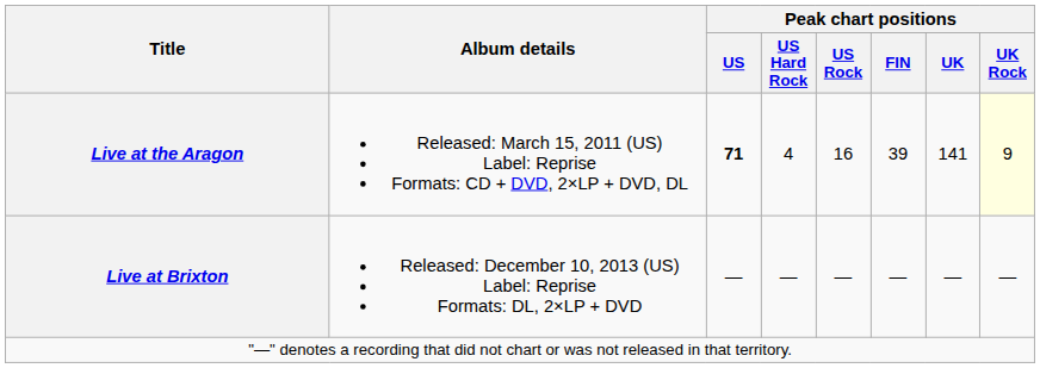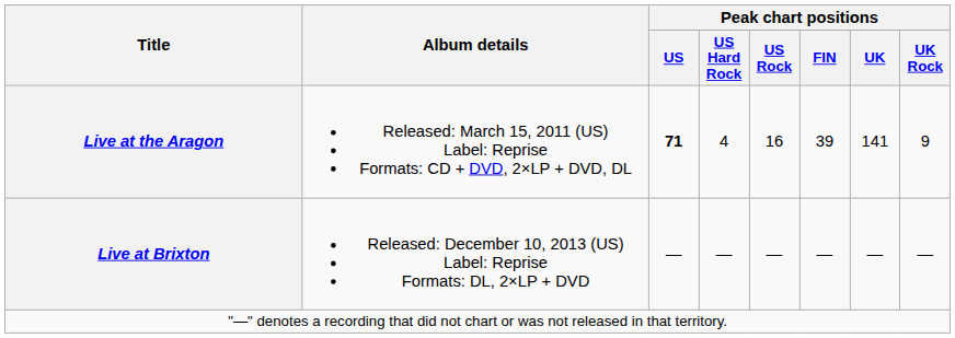 <table class="wikitable plainrowheaders" style="text-align:center;">
 <tr>
 <th scope="col" rowspan="2" style="width:18em;">Title</th>
 <th scope="col" rowspan="2" style="width:21em;">Album details</th>
 <th scope="col" colspan="6">Peak chart positions</th>
 </tr>
 <tr>
 <th scope="col" style="width:3em;font-size:90%;"><a href='#'>US</a><br></th>
 <th scope="col" style="width:3em;font-size:90%;"><a href='#'>US<br>Hard Rock</a><br></th>
 <th scope="col" style="width:3em;font-size:90%;"><a href='#'>US<br>Rock</a><br></th>
 <th scope="col" style="width:3em;font-size:90%;"><a href='#'>FIN</a><br></th>
 <th scope="col" style="width:3em;font-size:90%;"><a href='#'>UK</a><br></th>
 <th scope="col" style="width:3em;font-size:90%;"><a href='#'>UK<br>Rock</a><br></th>
 </tr>
 <tr>
 <th scope="row"><em><a href='#'>Live at the Aragon</a></em></th>
 <td><br><ul><li>Released: March 15, 2011 <span>(US)</span></li><li>Label: Reprise</li><li>Formats: CD + <a href='#'>DVD</a>, 2×LP + DVD, DL</li></ul></td>
 <td><strong>71</strong></td>
 <td>4</td>
 <td>16</td>
 <td>39</td>
 <td>141</td>
-<td style="background: lightyellow;">9</td>
+<td>9</td>
 </tr>
 <tr>
 <th scope="row"><em><a href='#'>Live at Brixton</a></em></th>
 <td><br><ul><li>Released: December 10, 2013 <span>(US)</span></li><li>Label: Reprise</li><li>Formats: DL, 2×LP + DVD</li></ul></td>
 <td>—</td>
 <td>—</td>
 <td>—</td>
 <td>—</td>
 <td>—</td>
 <td>—</td>
 </tr>
 <tr>
 <td colspan="9" style="font-size:90%">"—" denotes a recording that did not chart or was not released in that territory.</td>
 </tr>
 </table>
